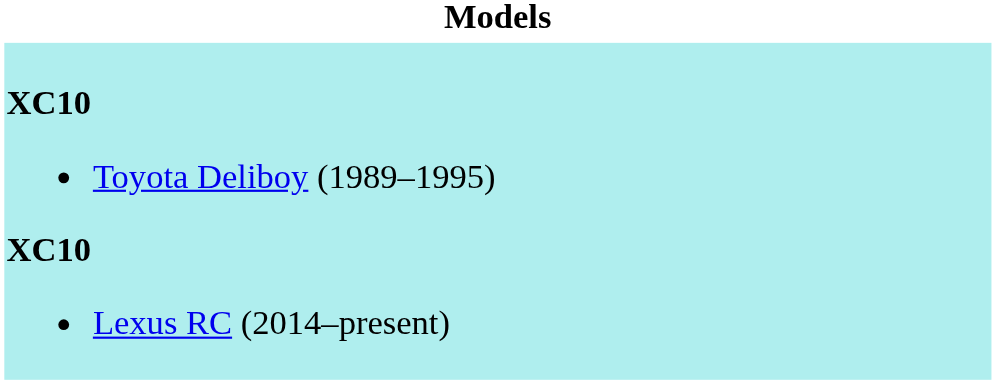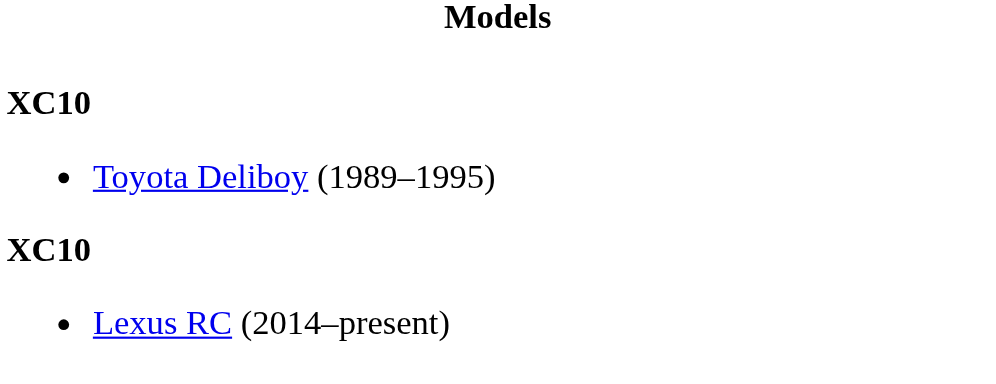 <table>
 <tr>
 <th style="width:50%">Models</th>
 </tr>
 <tr>
-<td style="background: paleturquoise; width:50%"><br><strong>XC10</strong><ul><li><a href='#'>Toyota Deliboy</a> (1989–1995)</li></ul><strong>XC10</strong><ul><li><a href='#'>Lexus RC</a> (2014–present)</li></ul></td>
+<td style="width:50%"><br><strong>XC10</strong><ul><li><a href='#'>Toyota Deliboy</a> (1989–1995)</li></ul><strong>XC10</strong><ul><li><a href='#'>Lexus RC</a> (2014–present)</li></ul></td>
 </tr>
 </table>
